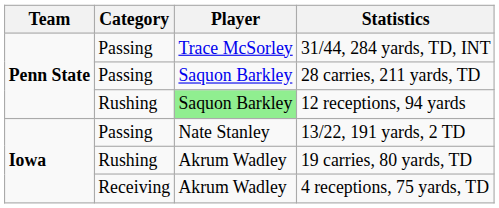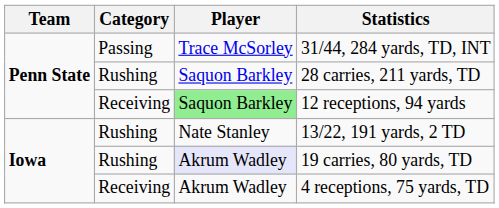 <table class="wikitable" style="float: left;">
 <tr>
 <th>Team</th>
 <th>Category</th>
 <th>Player</th>
 <th>Statistics</th>
 </tr>
 <tr>
 <td rowspan=3><strong>Penn State</strong></td>
 <td>Passing</td>
 <td><a href='#'>Trace McSorley</a></td>
 <td>31/44, 284 yards, TD, INT</td>
 </tr>
 <tr>
-<td>Passing</td>
+<td>Rushing</td>
 <td><a href='#'>Saquon Barkley</a></td>
 <td>28 carries, 211 yards, TD</td>
 </tr>
 <tr>
-<td>Rushing</td>
+<td>Receiving</td>
 <td style="background: lightgreen;">Saquon Barkley</td>
 <td>12 receptions, 94 yards</td>
 </tr>
 <tr>
 <td rowspan=3><strong>Iowa</strong></td>
-<td>Passing</td>
+<td>Rushing</td>
 <td>Nate Stanley</td>
 <td>13/22, 191 yards, 2 TD</td>
 </tr>
 <tr>
 <td>Rushing</td>
-<td>Akrum Wadley</td>
+<td style="background: lavender;">Akrum Wadley</td>
 <td>19 carries, 80 yards, TD</td>
 </tr>
 <tr>
 <td>Receiving</td>
 <td>Akrum Wadley</td>
 <td>4 receptions, 75 yards, TD</td>
 </tr>
 </table>
